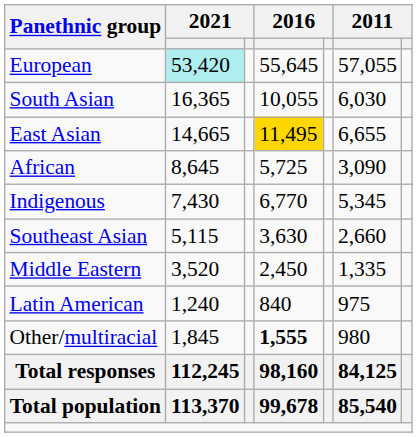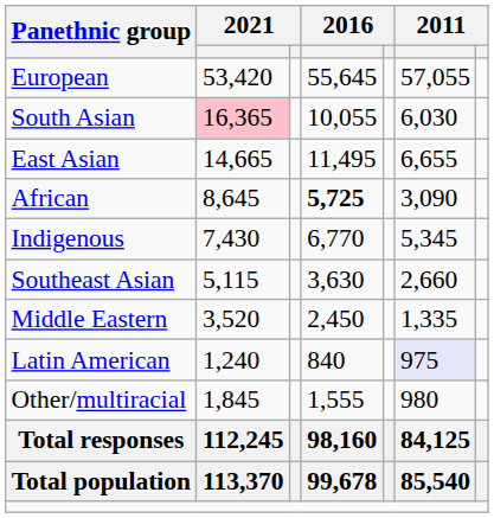 <table class="wikitable collapsible sortable">
 <tr>
 <th rowspan="2"><a href='#'>Panethnic</a> group</th>
 <th colspan="2">2021</th>
 <th colspan="2">2016</th>
 <th colspan="2">2011</th>
 </tr>
 <tr>
 <th><a href='#'></a></th>
 <th></th>
 <th></th>
 <th></th>
 <th></th>
 <th></th>
 </tr>
 <tr>
 <td><a href='#'>European</a></td>
-<td style="background: paleturquoise;">53,420</td>
+<td>53,420</td>
 <td></td>
 <td>55,645</td>
 <td></td>
 <td>57,055</td>
 <td></td>
 </tr>
 <tr>
 <td><a href='#'>South Asian</a></td>
-<td>16,365</td>
+<td style="background: pink;">16,365</td>
 <td></td>
 <td>10,055</td>
 <td></td>
 <td>6,030</td>
 <td></td>
 </tr>
 <tr>
 <td><a href='#'>East Asian</a></td>
 <td>14,665</td>
 <td></td>
-<td style="background: gold;">11,495</td>
+<td>11,495</td>
 <td></td>
 <td>6,655</td>
 <td></td>
 </tr>
 <tr>
 <td><a href='#'>African</a></td>
 <td>8,645</td>
 <td></td>
-<td>5,725</td>
+<td><strong>5,725</strong></td>
 <td></td>
 <td>3,090</td>
 <td></td>
 </tr>
 <tr>
 <td><a href='#'>Indigenous</a></td>
 <td>7,430</td>
 <td></td>
 <td>6,770</td>
 <td></td>
 <td>5,345</td>
 <td></td>
 </tr>
 <tr>
 <td><a href='#'>Southeast Asian</a></td>
 <td>5,115</td>
 <td></td>
 <td>3,630</td>
 <td></td>
 <td>2,660</td>
 <td></td>
 </tr>
 <tr>
 <td><a href='#'>Middle Eastern</a></td>
 <td>3,520</td>
 <td></td>
 <td>2,450</td>
 <td></td>
 <td>1,335</td>
 <td></td>
 </tr>
 <tr>
 <td><a href='#'>Latin American</a></td>
 <td>1,240</td>
 <td></td>
 <td>840</td>
 <td></td>
-<td>975</td>
+<td style="background: lavender;">975</td>
 <td></td>
 </tr>
 <tr>
 <td>Other/<a href='#'>multiracial</a></td>
 <td>1,845</td>
 <td></td>
-<td><strong>1,555</strong></td>
+<td>1,555</td>
 <td></td>
 <td>980</td>
 <td></td>
 </tr>
 <tr>
 <th>Total responses</th>
 <th>112,245</th>
 <th></th>
 <th>98,160</th>
 <th></th>
 <th>84,125</th>
 <th></th>
 </tr>
 <tr class="sortbottom">
 <th>Total population</th>
 <th>113,370</th>
 <th></th>
 <th>99,678</th>
 <th></th>
 <th>85,540</th>
 <th></th>
 </tr>
 <tr class="sortbottom">
 <td colspan="15"></td>
 </tr>
 </table>
